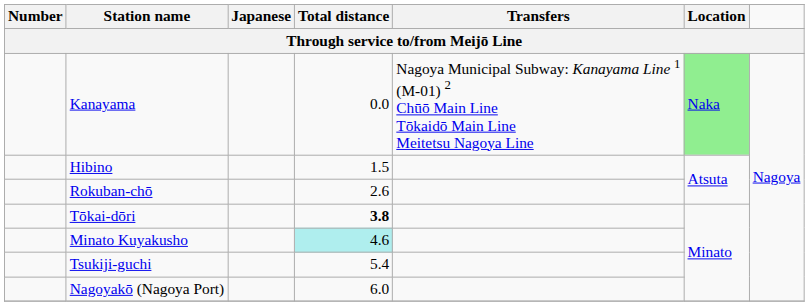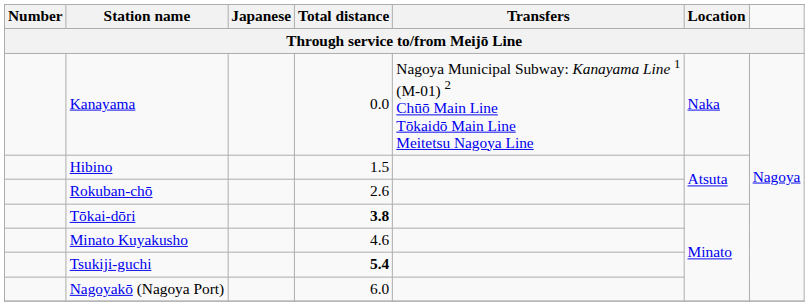 <table class="wikitable">
 <tr>
 <th style="border-bottom:3px solid #">Number</th>
 <th ! style="border-bottom:3px solid #">Station name</th>
 <th ! style="border-bottom:3px solid #">Japanese</th>
 <th ! style="border-bottom:3px solid #">Total distance</th>
 <th ! style="border-bottom:3px solid #">Transfers</th>
 <th ! style="border-bottom:3px solid #">Location</th>
 </tr>
 <tr>
 <th colspan=7>Through service to/from Meijō Line</th>
 </tr>
 <tr>
 <td></td>
 <td><a href='#'>Kanayama</a></td>
 <td></td>
 <td align=right>0.0</td>
 <td>Nagoya Municipal Subway: <em>Kanayama Line</em> <sup>1</sup><br> (M-01) <sup>2</sup><br><a href='#'>Chūō Main Line</a><br><a href='#'>Tōkaidō Main Line</a><br><a href='#'>Meitetsu Nagoya Line</a></td>
-<td style="background: lightgreen;"><a href='#'>Naka</a></td>
+<td><a href='#'>Naka</a></td>
 <td rowspan=7><a href='#'>Nagoya</a></td>
 </tr>
 <tr>
 <td></td>
 <td><a href='#'>Hibino</a></td>
 <td></td>
 <td align=right>1.5</td>
 <td></td>
 <td rowspan=2><a href='#'>Atsuta</a></td>
 </tr>
 <tr>
 <td></td>
 <td><a href='#'>Rokuban-chō</a></td>
 <td></td>
 <td align=right>2.6</td>
 <td></td>
 </tr>
 <tr>
 <td></td>
 <td><a href='#'>Tōkai-dōri</a></td>
 <td></td>
 <td align=right><strong>3.8</strong></td>
 <td></td>
 <td rowspan=4><a href='#'>Minato</a></td>
 </tr>
 <tr>
 <td></td>
 <td><a href='#'>Minato Kuyakusho</a></td>
 <td></td>
-<td align=right style="background: paleturquoise;">4.6</td>
+<td align=right>4.6</td>
 <td></td>
 </tr>
 <tr>
 <td></td>
 <td><a href='#'>Tsukiji-guchi</a></td>
 <td></td>
-<td align=right>5.4</td>
+<td align=right><strong>5.4</strong></td>
 <td></td>
 </tr>
 <tr>
 <td></td>
 <td><a href='#'>Nagoyakō</a> (Nagoya Port)</td>
 <td></td>
 <td align=right>6.0</td>
 <td></td>
 </tr>
 <tr>
 </tr>
 </table>
